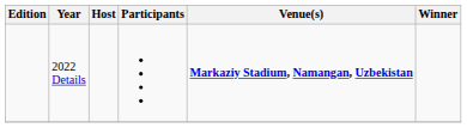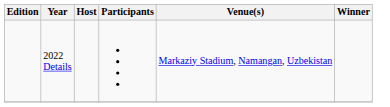 <table class="wikitable">
 <tr>
 <th>Edition</th>
 <th>Year</th>
 <th>Host</th>
 <th>Participants</th>
 <th>Venue(s)</th>
 <th>Winner</th>
 </tr>
 <tr>
 <td></td>
 <td>2022<br><a href='#'>Details</a></td>
 <td></td>
 <td><br><ul><li></li><li></li><li></li><li></li></ul></td>
-<td><strong><a href='#'>Markaziy Stadium</a>, <a href='#'>Namangan</a>, <a href='#'>Uzbekistan</a></strong></td>
+<td><a href='#'>Markaziy Stadium</a>, <a href='#'>Namangan</a>, <a href='#'>Uzbekistan</a></td>
 <td></td>
 </tr>
 <tr>
 </tr>
 </table>
